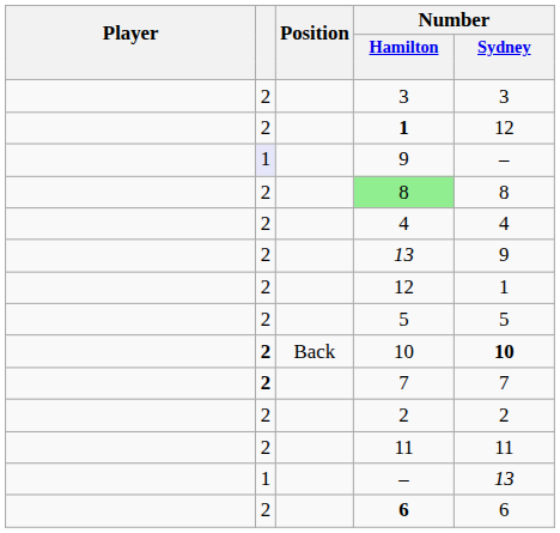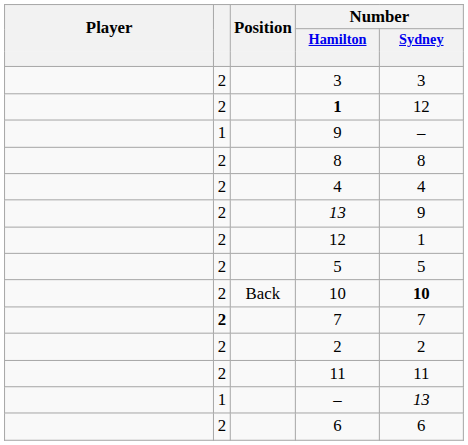 <table class="wikitable sortable" style="text-align:center;">
 <tr>
 <th rowspan=2 style="border-bottom:0px; width:12em;">Player</th>
 <th rowspan=2 style="border-bottom:0px;"></th>
 <th rowspan=2 style="border-bottom:0px;">Position</th>
 <th colspan=2 style="padding:2px;">Number</th>
 </tr>
 <tr>
 <th style="vertical-align:top;width:5.5em;border-bottom:1px solid transparent;padding:2px;font-size:85%;"><a href='#'>Hamilton</a></th>
 <th style="vertical-align:top;width:5.5em;border-bottom:1px solid transparent;padding:2px;font-size:85%;"><a href='#'>Sydney</a></th>
 </tr>
 <tr style="line-height:8px;">
 <th style="border-top:1px solid transparent;"></th>
 <th style="border-top:1px solid transparent;"> </th>
 <th style="border-top:1px solid transparent;"> </th>
 <th data-sort-type="number" style="border-top:0px;"></th>
 <th data-sort-type="number" style="border-top:0px;"></th>
 </tr>
 <tr>
 <td align=left></td>
 <td>2</td>
 <td></td>
 <td>3</td>
 <td>3</td>
 </tr>
 <tr>
 <td align=left></td>
 <td>2</td>
 <td></td>
 <td><strong>1</strong></td>
 <td>12</td>
 </tr>
 <tr>
 <td align=left></td>
-<td style="background: lavender;">1</td>
+<td>1</td>
 <td></td>
 <td>9</td>
 <td>–</td>
 </tr>
 <tr>
 <td align=left></td>
 <td>2</td>
 <td></td>
-<td style="background: lightgreen;">8</td>
+<td>8</td>
 <td>8</td>
 </tr>
 <tr>
 <td align=left></td>
 <td>2</td>
 <td></td>
 <td>4</td>
 <td>4</td>
 </tr>
 <tr>
 <td align=left></td>
 <td>2</td>
 <td></td>
 <td><em>13</em></td>
 <td>9</td>
 </tr>
 <tr>
 <td align=left></td>
 <td>2</td>
 <td></td>
 <td>12</td>
 <td>1</td>
 </tr>
 <tr>
 <td align=left></td>
 <td>2</td>
 <td></td>
 <td>5</td>
 <td>5</td>
 </tr>
 <tr>
 <td align=left></td>
-<td><strong>2</strong></td>
+<td>2</td>
 <td>Back</td>
 <td>10</td>
 <td><strong>10</strong></td>
 </tr>
 <tr>
 <td align=left></td>
 <td><strong>2</strong></td>
 <td></td>
 <td>7</td>
 <td>7</td>
 </tr>
 <tr>
 <td align=left></td>
 <td>2</td>
 <td></td>
 <td>2</td>
 <td>2</td>
 </tr>
 <tr>
 <td align=left></td>
 <td>2</td>
 <td></td>
 <td>11</td>
 <td>11</td>
 </tr>
 <tr>
 <td align=left></td>
 <td>1</td>
 <td></td>
 <td>–</td>
 <td><em>13</em></td>
 </tr>
 <tr>
 <td align=left></td>
 <td>2</td>
 <td></td>
-<td><strong>6</strong></td>
+<td>6</td>
 <td>6</td>
 </tr>
 </table>
